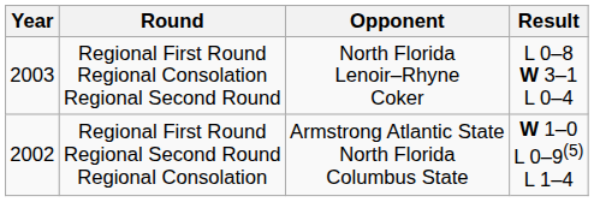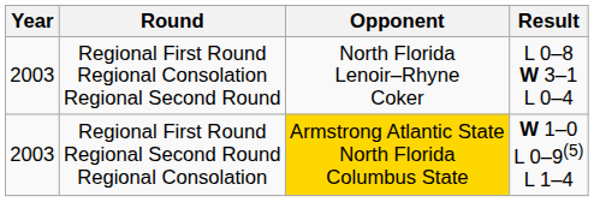 <table class="wikitable">
 <tr>
 <th>Year</th>
 <th>Round</th>
 <th>Opponent</th>
 <th>Result</th>
 </tr>
 <tr align="center">
 <td>2003</td>
 <td>Regional First Round<br>Regional Consolation<br>Regional Second Round</td>
 <td>North Florida<br>Lenoir–Rhyne<br>Coker</td>
 <td>L 0–8<br><strong>W</strong> 3–1<br>L 0–4</td>
 </tr>
 <tr align="center">
-<td>2002</td>
+<td>2003</td>
 <td>Regional First Round<br>Regional Second Round<br>Regional Consolation</td>
-<td>Armstrong Atlantic State<br>North Florida<br>Columbus State</td>
+<td style="background: gold;">Armstrong Atlantic State<br>North Florida<br>Columbus State</td>
 <td><strong>W</strong> 1–0<br>L 0–9<sup>(5)</sup><br>L 1–4</td>
 </tr>
 </table>
